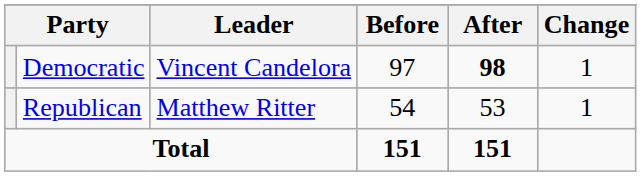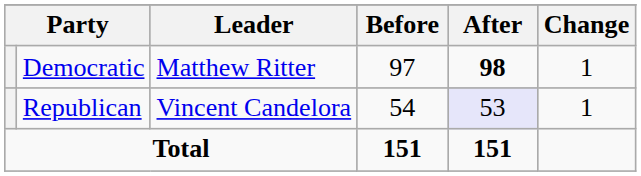 <table class="wikitable" style="text-align:center;">
 <tr>
 </tr>
 <tr>
 <th colspan=2>Party</th>
 <th>Leader</th>
 <th style="width:3em">Before</th>
 <th style="width:3em">After</th>
 <th style="width:3em">Change</th>
 </tr>
 <tr>
 <th style="background-color:"></th>
 <td style="text-align:left;"><a href='#'>Democratic</a></td>
-<td style="text-align:left;"><a href='#'>Vincent Candelora</a></td>
+<td style="text-align:left;"><a href='#'>Matthew Ritter</a></td>
 <td>97</td>
 <td><strong>98</strong></td>
 <td>1</td>
 </tr>
 <tr>
 <th style="background-color:"></th>
 <td style="text-align:left;"><a href='#'>Republican</a></td>
-<td style="text-align:left;"><a href='#'>Matthew Ritter</a></td>
+<td style="text-align:left;"><a href='#'>Vincent Candelora</a></td>
 <td>54</td>
-<td>53</td>
+<td style="background: lavender;">53</td>
 <td>1</td>
 </tr>
 <tr>
 <td colspan=3><strong>Total</strong></td>
 <td><strong>151</strong></td>
 <td><strong>151</strong></td>
 <td></td>
 </tr>
 </table>
